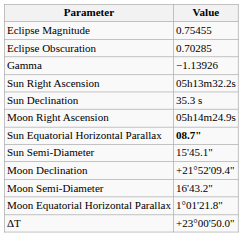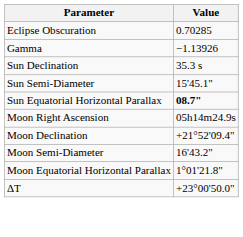 <table class="wikitable">
 <tr>
 <th>Parameter</th>
 <th>Value</th>
-</tr>
-<tr>
-<td>Eclipse Magnitude</td>
-<td>0.75455</td>
 </tr>
 <tr>
 <td>Eclipse Obscuration</td>
 <td>0.70285</td>
 </tr>
 <tr>
 <td>Gamma</td>
 <td>−1.13926</td>
 </tr>
 <tr>
-<td>Sun Right Ascension</td>
-<td>05h13m32.2s</td>
-</tr>
-<tr>
 <td>Sun Declination</td>
 <td>35.3 s</td>
 </tr>
 <tr>
-<td>Moon Right Ascension</td>
-<td>05h14m24.9s</td>
+<td>Sun Semi-Diameter</td>
+<td>15'45.1"</td>
 </tr>
 <tr>
 <td>Sun Equatorial Horizontal Parallax</td>
 <td><strong>08.7"</strong></td>
 </tr>
 <tr>
-<td>Sun Semi-Diameter</td>
-<td>15'45.1"</td>
+<td>Moon Right Ascension</td>
+<td>05h14m24.9s</td>
 </tr>
 <tr>
 <td>Moon Declination</td>
 <td>+21°52'09.4"</td>
 </tr>
 <tr>
 <td>Moon Semi-Diameter</td>
 <td>16'43.2"</td>
 </tr>
 <tr>
 <td>Moon Equatorial Horizontal Parallax</td>
 <td>1°01'21.8"</td>
 </tr>
 <tr>
 <td>ΔT</td>
 <td>+23°00'50.0"</td>
 </tr>
 </table>
